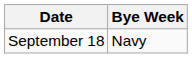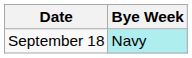 <table class="wikitable" style="font-size:95%;">
 <tr>
 <th>Date</th>
 <th colspan="1">Bye Week</th>
 </tr>
 <tr>
 <td>September 18</td>
-<td>Navy</td>
+<td style="background: paleturquoise;">Navy</td>
 </tr>
 </table>
